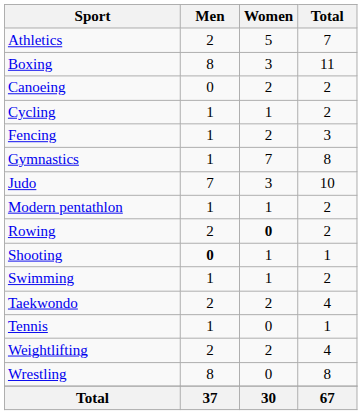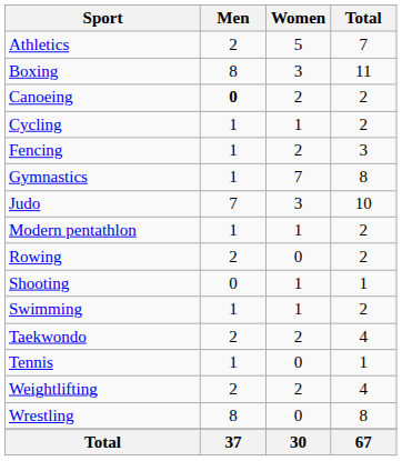 <table class="wikitable sortable" style="text-align:center;">
 <tr>
 <th width=180>Sport</th>
 <th width=55>Men</th>
 <th width=55>Women</th>
 <th width=55>Total</th>
 </tr>
 <tr>
 <td align=left><a href='#'>Athletics</a></td>
 <td>2</td>
 <td>5</td>
 <td>7</td>
 </tr>
 <tr>
 <td align=left><a href='#'>Boxing</a></td>
 <td>8</td>
 <td>3</td>
 <td>11</td>
 </tr>
 <tr>
 <td align=left><a href='#'>Canoeing</a></td>
-<td>0</td>
+<td><strong>0</strong></td>
 <td>2</td>
 <td>2</td>
 </tr>
 <tr>
 <td align=left><a href='#'>Cycling</a></td>
 <td>1</td>
 <td>1</td>
 <td>2</td>
 </tr>
 <tr>
 <td align=left><a href='#'>Fencing</a></td>
 <td>1</td>
 <td>2</td>
 <td>3</td>
 </tr>
 <tr>
 <td align=left><a href='#'>Gymnastics</a></td>
 <td>1</td>
 <td>7</td>
 <td>8</td>
 </tr>
 <tr>
 <td align=left><a href='#'>Judo</a></td>
 <td>7</td>
 <td>3</td>
 <td>10</td>
 </tr>
 <tr>
 <td align=left><a href='#'>Modern pentathlon</a></td>
 <td>1</td>
 <td>1</td>
 <td>2</td>
 </tr>
 <tr>
 <td align=left><a href='#'>Rowing</a></td>
 <td>2</td>
-<td><strong>0</strong></td>
+<td>0</td>
 <td>2</td>
 </tr>
 <tr>
 <td align=left><a href='#'>Shooting</a></td>
-<td><strong>0</strong></td>
+<td>0</td>
 <td>1</td>
 <td>1</td>
 </tr>
 <tr>
 <td align=left><a href='#'>Swimming</a></td>
 <td>1</td>
 <td>1</td>
 <td>2</td>
 </tr>
 <tr>
 <td align=left><a href='#'>Taekwondo</a></td>
 <td>2</td>
 <td>2</td>
 <td>4</td>
 </tr>
 <tr>
 <td align=left><a href='#'>Tennis</a></td>
 <td>1</td>
 <td>0</td>
 <td>1</td>
 </tr>
 <tr>
 <td align=left><a href='#'>Weightlifting</a></td>
 <td>2</td>
 <td>2</td>
 <td>4</td>
 </tr>
 <tr>
 <td align=left><a href='#'>Wrestling</a></td>
 <td>8</td>
 <td>0</td>
 <td>8</td>
 </tr>
 <tr>
 </tr>
 <tr class="sortbottom">
 <th>Total</th>
 <th>37</th>
 <th>30</th>
 <th>67</th>
 </tr>
 </table>
